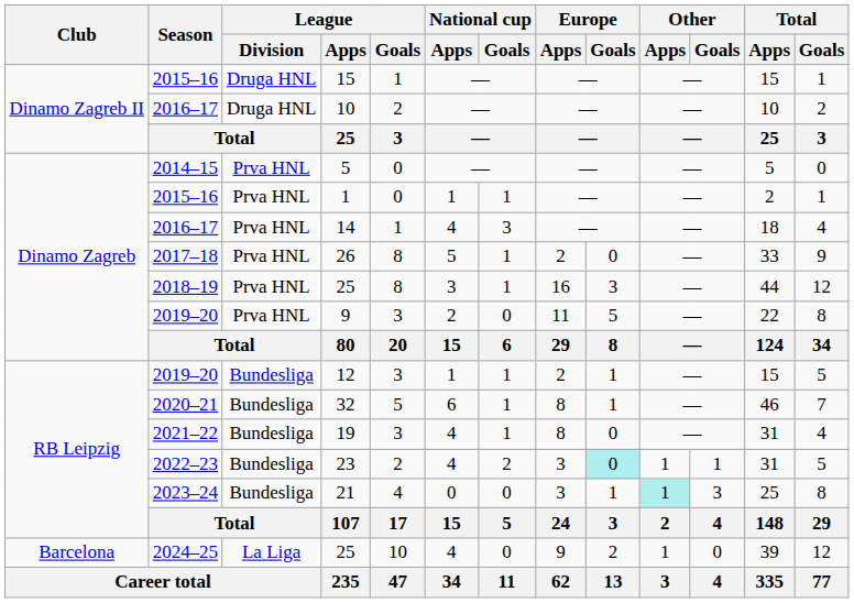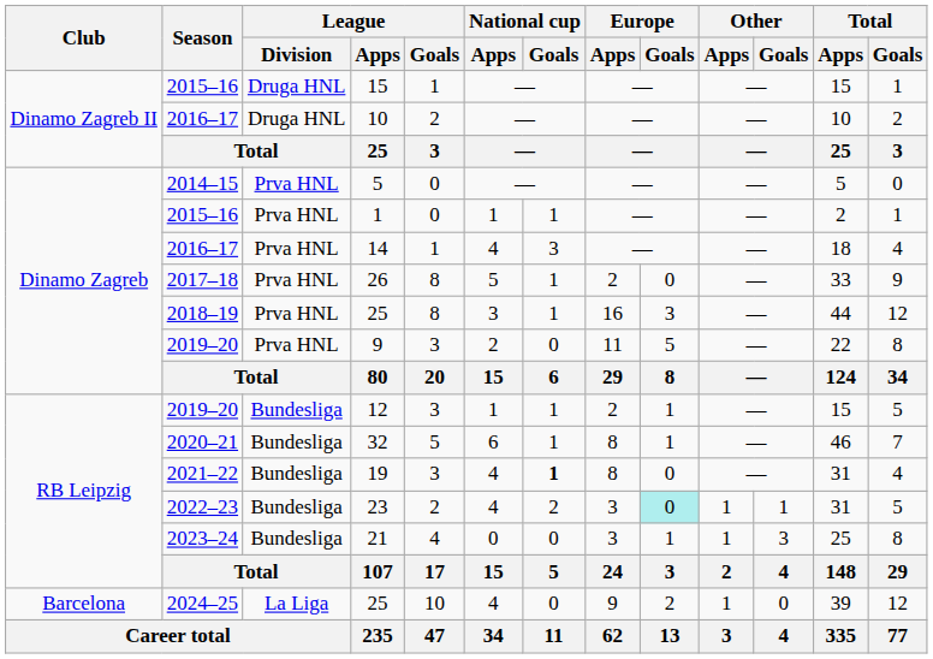 <table class="wikitable" style="text-align:center">
 <tr>
 <th rowspan="2">Club</th>
 <th rowspan="2">Season</th>
 <th colspan="3">League</th>
 <th colspan="2">National cup</th>
 <th colspan="2">Europe</th>
 <th colspan="2">Other</th>
 <th colspan="2">Total</th>
 </tr>
 <tr>
 <th>Division</th>
 <th>Apps</th>
 <th>Goals</th>
 <th>Apps</th>
 <th>Goals</th>
 <th>Apps</th>
 <th>Goals</th>
 <th>Apps</th>
 <th>Goals</th>
 <th>Apps</th>
 <th>Goals</th>
 </tr>
 <tr>
 <td rowspan="3"><a href='#'>Dinamo Zagreb II</a></td>
 <td><a href='#'>2015–16</a></td>
 <td><a href='#'>Druga HNL</a></td>
 <td>15</td>
 <td>1</td>
 <td colspan="2">—</td>
 <td colspan="2">—</td>
 <td colspan="2">—</td>
 <td>15</td>
 <td>1</td>
 </tr>
 <tr>
 <td><a href='#'>2016–17</a></td>
 <td>Druga HNL</td>
 <td>10</td>
 <td>2</td>
 <td colspan="2">—</td>
 <td colspan="2">—</td>
 <td colspan="2">—</td>
 <td>10</td>
 <td>2</td>
 </tr>
 <tr>
 <th colspan="2">Total</th>
 <th>25</th>
 <th>3</th>
 <th colspan="2">—</th>
 <th colspan="2">—</th>
 <th colspan="2">—</th>
 <th>25</th>
 <th>3</th>
 </tr>
 <tr>
 <td rowspan="7"><a href='#'>Dinamo Zagreb</a></td>
 <td><a href='#'>2014–15</a></td>
 <td><a href='#'>Prva HNL</a></td>
 <td>5</td>
 <td>0</td>
 <td colspan="2">—</td>
 <td colspan="2">—</td>
 <td colspan="2">—</td>
 <td>5</td>
 <td>0</td>
 </tr>
 <tr>
 <td><a href='#'>2015–16</a></td>
 <td>Prva HNL</td>
 <td>1</td>
 <td>0</td>
 <td>1</td>
 <td>1</td>
 <td colspan="2">—</td>
 <td colspan="2">—</td>
 <td>2</td>
 <td>1</td>
 </tr>
 <tr>
 <td><a href='#'>2016–17</a></td>
 <td>Prva HNL</td>
 <td>14</td>
 <td>1</td>
 <td>4</td>
 <td>3</td>
 <td colspan="2">—</td>
 <td colspan="2">—</td>
 <td>18</td>
 <td>4</td>
 </tr>
 <tr>
 <td><a href='#'>2017–18</a></td>
 <td>Prva HNL</td>
 <td>26</td>
 <td>8</td>
 <td>5</td>
 <td>1</td>
 <td>2</td>
 <td>0</td>
 <td colspan="2">—</td>
 <td>33</td>
 <td>9</td>
 </tr>
 <tr>
 <td><a href='#'>2018–19</a></td>
 <td>Prva HNL</td>
 <td>25</td>
 <td>8</td>
 <td>3</td>
 <td>1</td>
 <td>16</td>
 <td>3</td>
 <td colspan="2">—</td>
 <td>44</td>
 <td>12</td>
 </tr>
 <tr>
 <td><a href='#'>2019–20</a></td>
 <td>Prva HNL</td>
 <td>9</td>
 <td>3</td>
 <td>2</td>
 <td>0</td>
 <td>11</td>
 <td>5</td>
 <td colspan="2">—</td>
 <td>22</td>
 <td>8</td>
 </tr>
 <tr>
 <th colspan="2">Total</th>
 <th>80</th>
 <th>20</th>
 <th>15</th>
 <th>6</th>
 <th>29</th>
 <th>8</th>
 <th colspan="2">—</th>
 <th>124</th>
 <th>34</th>
 </tr>
 <tr>
 <td rowspan="6"><a href='#'>RB Leipzig</a></td>
 <td><a href='#'>2019–20</a></td>
 <td><a href='#'>Bundesliga</a></td>
 <td>12</td>
 <td>3</td>
 <td>1</td>
 <td>1</td>
 <td>2</td>
 <td>1</td>
 <td colspan="2">—</td>
 <td>15</td>
 <td>5</td>
 </tr>
 <tr>
 <td><a href='#'>2020–21</a></td>
 <td>Bundesliga</td>
 <td>32</td>
 <td>5</td>
 <td>6</td>
 <td>1</td>
 <td>8</td>
 <td>1</td>
 <td colspan="2">—</td>
 <td>46</td>
 <td>7</td>
 </tr>
 <tr>
 <td><a href='#'>2021–22</a></td>
 <td>Bundesliga</td>
 <td>19</td>
 <td>3</td>
 <td>4</td>
-<td>1</td>
+<td><strong>1</strong></td>
 <td>8</td>
 <td>0</td>
 <td colspan="2">—</td>
 <td>31</td>
 <td>4</td>
 </tr>
 <tr>
 <td><a href='#'>2022–23</a></td>
 <td>Bundesliga</td>
 <td>23</td>
 <td>2</td>
 <td>4</td>
 <td>2</td>
 <td>3</td>
 <td style="background: paleturquoise;">0</td>
 <td>1</td>
 <td>1</td>
 <td>31</td>
 <td>5</td>
 </tr>
 <tr>
 <td><a href='#'>2023–24</a></td>
 <td>Bundesliga</td>
 <td>21</td>
 <td>4</td>
 <td>0</td>
 <td>0</td>
 <td>3</td>
 <td>1</td>
-<td style="background: paleturquoise;">1</td>
+<td>1</td>
 <td>3</td>
 <td>25</td>
 <td>8</td>
 </tr>
 <tr>
 <th colspan="2">Total</th>
 <th>107</th>
 <th>17</th>
 <th>15</th>
 <th>5</th>
 <th>24</th>
 <th>3</th>
 <th>2</th>
 <th>4</th>
 <th>148</th>
 <th>29</th>
 </tr>
 <tr>
 <td><a href='#'>Barcelona</a></td>
 <td><a href='#'>2024–25</a></td>
 <td><a href='#'>La Liga</a></td>
 <td>25</td>
 <td>10</td>
 <td>4</td>
 <td>0</td>
 <td>9</td>
 <td>2</td>
 <td>1</td>
 <td>0</td>
 <td>39</td>
 <td>12</td>
 </tr>
 <tr>
 <th colspan="3">Career total</th>
 <th>235</th>
 <th>47</th>
 <th>34</th>
 <th>11</th>
 <th>62</th>
 <th>13</th>
 <th>3</th>
 <th>4</th>
 <th>335</th>
 <th>77</th>
 </tr>
 </table>
